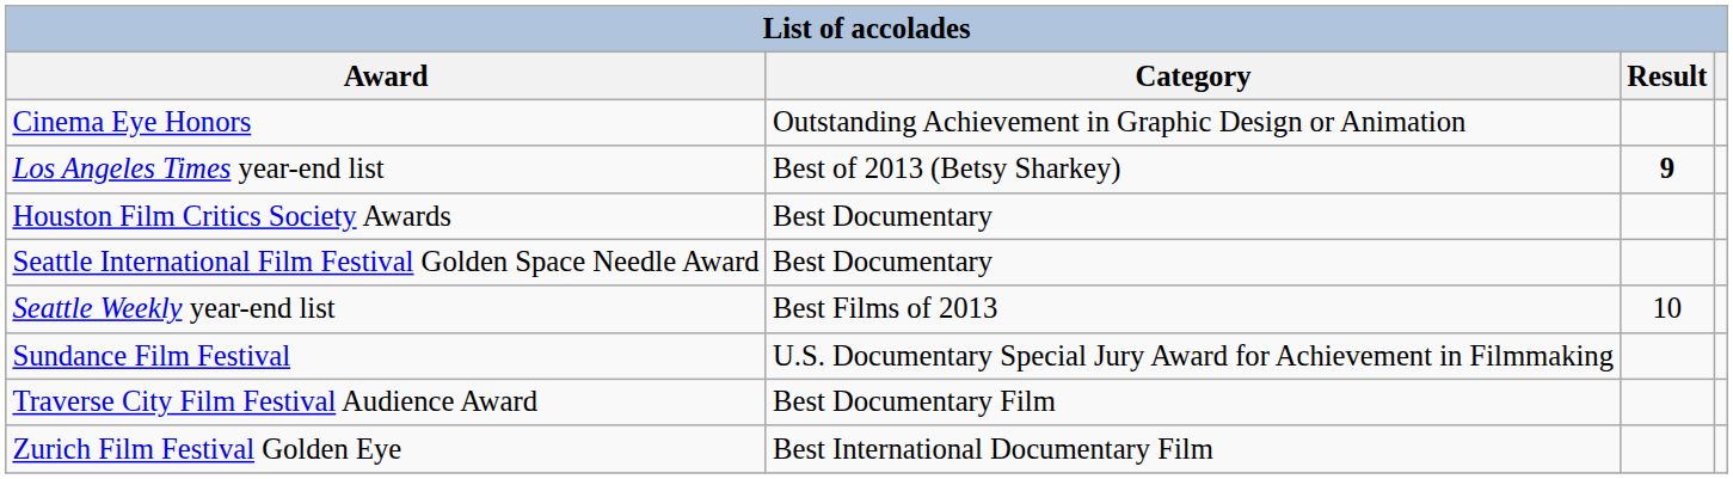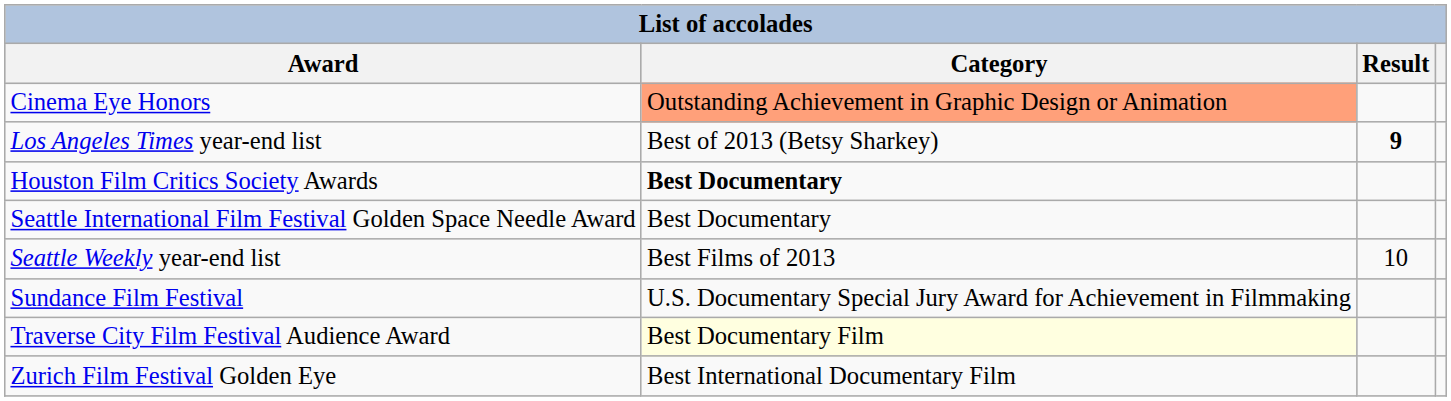 <table class="wikitable sortable">
 <tr style="background:#ccc; text-align:center;">
 <th colspan="6" style="background: LightSteelBlue;">List of accolades</th>
 </tr>
 <tr style="background:#ccc; text-align:center;">
 <th scope="col">Award</th>
 <th scope="col">Category</th>
 <th scope="col">Result</th>
 <th scope="col" class="unsortable"></th>
 </tr>
 <tr>
 <td><a href='#'>Cinema Eye Honors</a></td>
-<td>Outstanding Achievement in Graphic Design or Animation</td>
+<td style="background: lightsalmon;">Outstanding Achievement in Graphic Design or Animation</td>
 <td></td>
 <td align=center></td>
 </tr>
 <tr>
 <td><em><a href='#'>Los Angeles Times</a></em> year-end list</td>
 <td>Best of 2013 (Betsy Sharkey)</td>
 <td align=center><strong>9</strong></td>
 <td align=center></td>
 </tr>
 <tr>
 <td><a href='#'>Houston Film Critics Society</a> Awards</td>
-<td>Best Documentary</td>
+<td><strong>Best Documentary</strong></td>
 <td></td>
 <td align=center></td>
 </tr>
 <tr>
 <td><a href='#'>Seattle International Film Festival</a> Golden Space Needle Award</td>
 <td>Best Documentary</td>
 <td></td>
 <td align=center></td>
 </tr>
 <tr>
 <td><em><a href='#'>Seattle Weekly</a></em> year-end list</td>
 <td>Best Films of 2013</td>
 <td align=center>10</td>
 <td align=center></td>
 </tr>
 <tr>
 <td><a href='#'>Sundance Film Festival</a></td>
 <td>U.S. Documentary Special Jury Award for Achievement in Filmmaking</td>
 <td></td>
 <td align=center></td>
 </tr>
 <tr>
 <td><a href='#'>Traverse City Film Festival</a> Audience Award</td>
-<td>Best Documentary Film</td>
+<td style="background: lightyellow;">Best Documentary Film</td>
 <td></td>
 <td align=center></td>
 </tr>
 <tr>
 <td><a href='#'>Zurich Film Festival</a> Golden Eye</td>
 <td>Best International Documentary Film</td>
 <td></td>
 <td align=center></td>
 </tr>
 </table>
